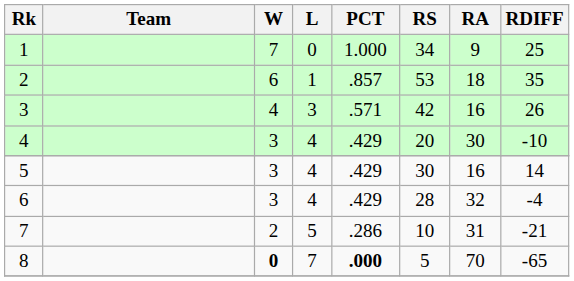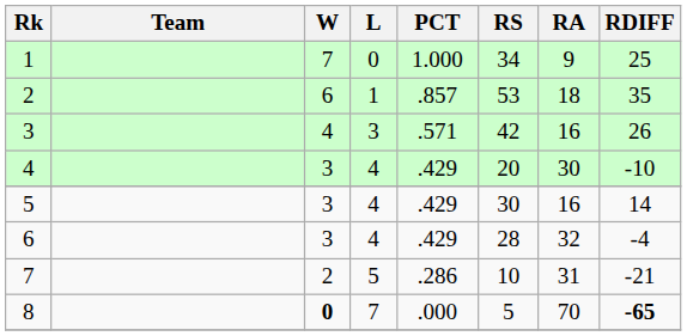 <table class=wikitable style=text-align:center>
 <tr>
 <th width=25>Rk</th>
 <th width=170>Team</th>
 <th width=25>W</th>
 <th width=25>L</th>
 <th width=50>PCT</th>
 <th width=35>RS</th>
 <th width=35>RA</th>
 <th width=50>RDIFF</th>
 </tr>
 <tr bgcolor=ccffcc>
 <td>1</td>
 <td style="text-align:left;"></td>
 <td>7</td>
 <td>0</td>
 <td>1.000</td>
 <td>34</td>
 <td>9</td>
 <td>25</td>
 </tr>
 <tr bgcolor=ccffcc>
 <td>2</td>
 <td style="text-align:left;"></td>
 <td>6</td>
 <td>1</td>
 <td>.857</td>
 <td>53</td>
 <td>18</td>
 <td>35</td>
 </tr>
 <tr bgcolor="ccffcc">
 <td>3</td>
 <td style="text-align:left;"></td>
 <td>4</td>
 <td>3</td>
 <td>.571</td>
 <td>42</td>
 <td>16</td>
 <td>26</td>
 </tr>
 <tr bgcolor="ccffcc">
 <td>4</td>
 <td style="text-align:left;"></td>
 <td>3</td>
 <td>4</td>
 <td>.429</td>
 <td>20</td>
 <td>30</td>
 <td>-10</td>
 </tr>
 <tr bgcolor="ccffcc">
 </tr>
 <tr>
 <td>5</td>
 <td style="text-align:left;"></td>
 <td>3</td>
 <td>4</td>
 <td>.429</td>
 <td>30</td>
 <td>16</td>
 <td>14</td>
 </tr>
 <tr>
 <td>6</td>
 <td style="text-align:left;"></td>
 <td>3</td>
 <td>4</td>
 <td>.429</td>
 <td>28</td>
 <td>32</td>
 <td>-4</td>
 </tr>
 <tr>
 <td>7</td>
 <td style="text-align:left;"></td>
 <td>2</td>
 <td>5</td>
 <td>.286</td>
 <td>10</td>
 <td>31</td>
 <td>-21</td>
 </tr>
 <tr>
 <td>8</td>
 <td style="text-align:left;"></td>
 <td><strong>0</strong></td>
 <td>7</td>
-<td><strong>.000</strong></td>
+<td>.000</td>
 <td>5</td>
 <td>70</td>
-<td>-65</td>
+<td><strong>-65</strong></td>
 </tr>
 <tr>
 </tr>
 </table>
